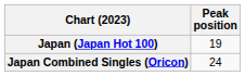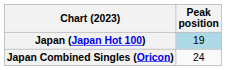 <table class="wikitable sortable plainrowheaders" style="text-align:center">
 <tr>
 <th scope="col">Chart (2023)</th>
 <th scope="col">Peak<br>position</th>
 </tr>
 <tr>
 <th scope="row">Japan (<a href='#'>Japan Hot 100</a>)</th>
-<td>19</td>
+<td style="background: lightblue;">19</td>
 </tr>
 <tr>
 <th scope="row">Japan Combined Singles (<a href='#'>Oricon</a>)</th>
 <td>24</td>
 </tr>
 </table>
